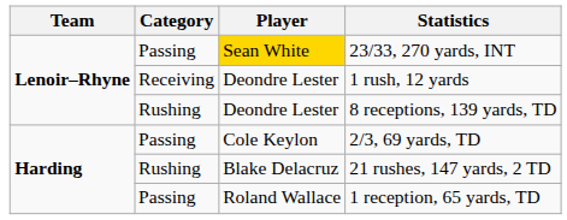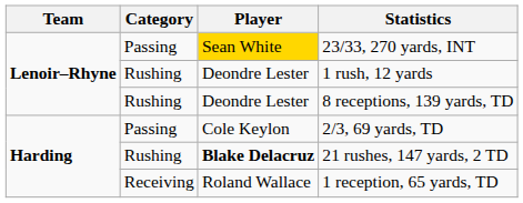 <table class="wikitable" style="float: right;">
 <tr>
 <th>Team</th>
 <th>Category</th>
 <th>Player</th>
 <th>Statistics</th>
 </tr>
 <tr>
 <td rowspan=3><strong>Lenoir–Rhyne</strong></td>
 <td>Passing</td>
 <td style="background: gold;">Sean White</td>
 <td>23/33, 270 yards, INT</td>
 </tr>
 <tr>
-<td>Receiving</td>
+<td>Rushing</td>
 <td>Deondre Lester</td>
 <td>1 rush, 12 yards</td>
 </tr>
 <tr>
 <td>Rushing</td>
 <td>Deondre Lester</td>
 <td>8 receptions, 139 yards, TD</td>
 </tr>
 <tr>
 <td rowspan=3><strong>Harding</strong></td>
 <td>Passing</td>
 <td>Cole Keylon</td>
 <td>2/3, 69 yards, TD</td>
 </tr>
 <tr>
 <td>Rushing</td>
-<td>Blake Delacruz</td>
+<td><strong>Blake Delacruz</strong></td>
 <td>21 rushes, 147 yards, 2 TD</td>
 </tr>
 <tr>
-<td>Passing</td>
+<td>Receiving</td>
 <td>Roland Wallace</td>
 <td>1 reception, 65 yards, TD</td>
 </tr>
 </table>
